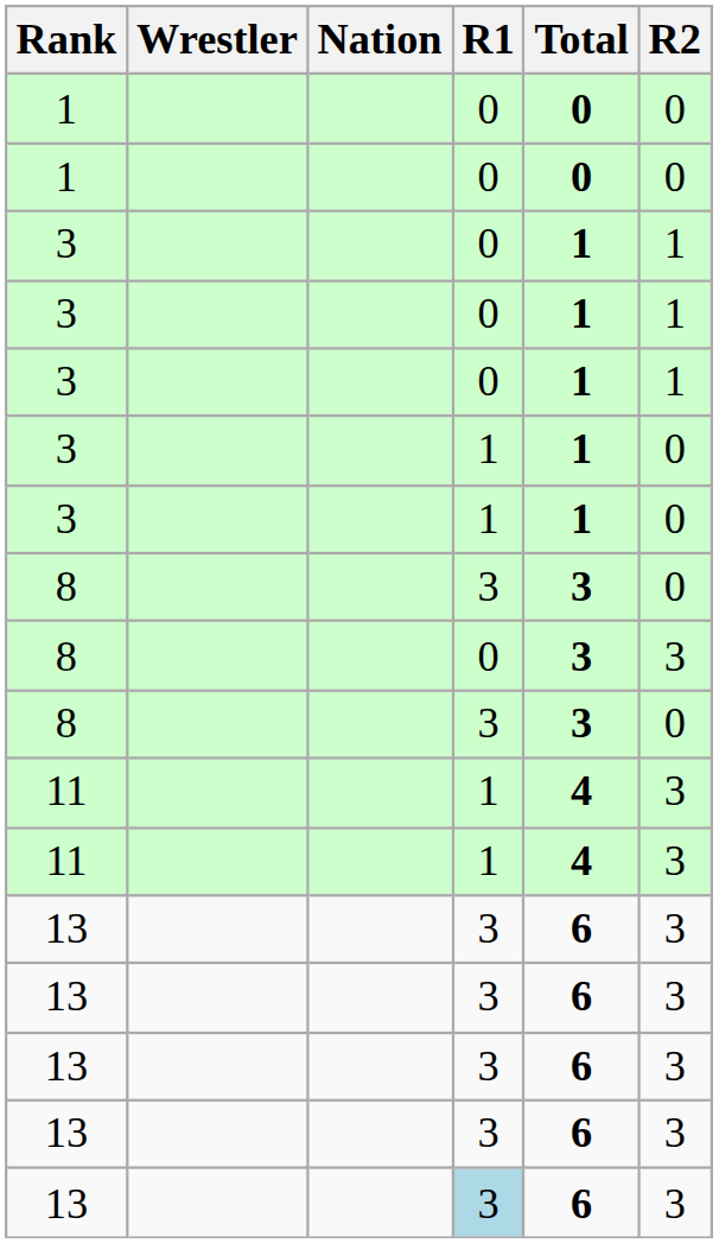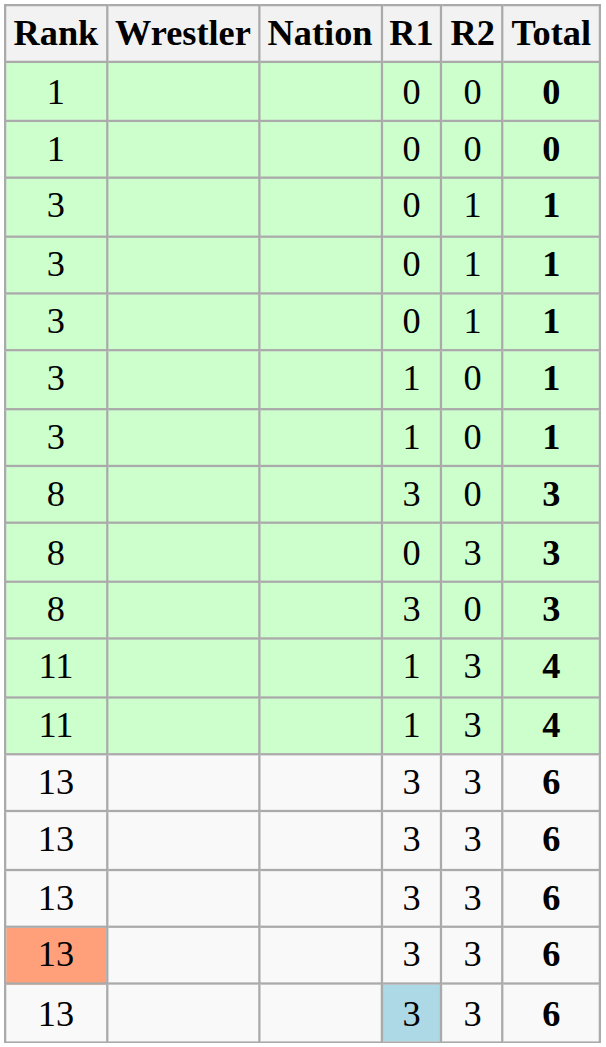 <table class="wikitable sortable" style="text-align:center;">
 <tr>
 <th>Rank</th>
 <th>Wrestler</th>
 <th>Nation</th>
 <th>R1</th>
+<th>R2</th>
 <th>Total</th>
-<th>R2</th>
 </tr>
 <tr style="background:#cfc;">
 <td>1</td>
 <td align=left></td>
 <td align=left></td>
 <td>0</td>
+<td>0</td>
 <td><strong>0</strong></td>
-<td>0</td>
 </tr>
 <tr style="background:#cfc;">
 <td>1</td>
 <td align=left></td>
 <td align=left></td>
 <td>0</td>
+<td>0</td>
 <td><strong>0</strong></td>
-<td>0</td>
 </tr>
 <tr style="background:#cfc;">
 <td>3</td>
 <td align=left></td>
 <td align=left></td>
 <td>0</td>
+<td>1</td>
 <td><strong>1</strong></td>
-<td>1</td>
 </tr>
 <tr style="background:#cfc;">
 <td>3</td>
 <td align=left></td>
 <td align=left></td>
 <td>0</td>
+<td>1</td>
 <td><strong>1</strong></td>
-<td>1</td>
 </tr>
 <tr style="background:#cfc;">
 <td>3</td>
 <td align=left></td>
 <td align=left></td>
 <td>0</td>
+<td>1</td>
 <td><strong>1</strong></td>
-<td>1</td>
 </tr>
 <tr style="background:#cfc;">
 <td>3</td>
 <td align=left></td>
 <td align=left></td>
 <td>1</td>
+<td>0</td>
 <td><strong>1</strong></td>
-<td>0</td>
 </tr>
 <tr style="background:#cfc;">
 <td>3</td>
 <td align=left></td>
 <td align=left></td>
 <td>1</td>
+<td>0</td>
 <td><strong>1</strong></td>
-<td>0</td>
 </tr>
 <tr style="background:#cfc;">
 <td>8</td>
 <td align=left></td>
 <td align=left></td>
 <td>3</td>
+<td>0</td>
 <td><strong>3</strong></td>
-<td>0</td>
 </tr>
 <tr style="background:#cfc;">
 <td>8</td>
 <td align=left></td>
 <td align=left></td>
 <td>0</td>
+<td>3</td>
 <td><strong>3</strong></td>
-<td>3</td>
 </tr>
 <tr style="background:#cfc;">
 <td>8</td>
 <td align=left></td>
 <td align=left></td>
 <td>3</td>
+<td>0</td>
 <td><strong>3</strong></td>
-<td>0</td>
 </tr>
 <tr style="background:#cfc;">
 <td>11</td>
 <td align=left></td>
 <td align=left></td>
 <td>1</td>
+<td>3</td>
 <td><strong>4</strong></td>
-<td>3</td>
 </tr>
 <tr style="background:#cfc;">
 <td>11</td>
 <td align=left></td>
 <td align=left></td>
 <td>1</td>
+<td>3</td>
 <td><strong>4</strong></td>
-<td>3</td>
 </tr>
 <tr>
 <td>13</td>
 <td align=left></td>
 <td align=left></td>
 <td>3</td>
+<td>3</td>
 <td><strong>6</strong></td>
-<td>3</td>
 </tr>
 <tr>
 <td>13</td>
 <td align=left></td>
 <td align=left></td>
 <td>3</td>
+<td>3</td>
 <td><strong>6</strong></td>
-<td>3</td>
 </tr>
 <tr>
 <td>13</td>
 <td align=left></td>
 <td align=left></td>
 <td>3</td>
+<td>3</td>
 <td><strong>6</strong></td>
-<td>3</td>
 </tr>
 <tr>
-<td>13</td>
+<td style="background: lightsalmon;">13</td>
 <td align=left></td>
 <td align=left></td>
 <td>3</td>
+<td>3</td>
 <td><strong>6</strong></td>
-<td>3</td>
 </tr>
 <tr>
 <td>13</td>
 <td align=left></td>
 <td align=left></td>
 <td style="background: lightblue;">3</td>
+<td>3</td>
 <td><strong>6</strong></td>
-<td>3</td>
 </tr>
 </table>
